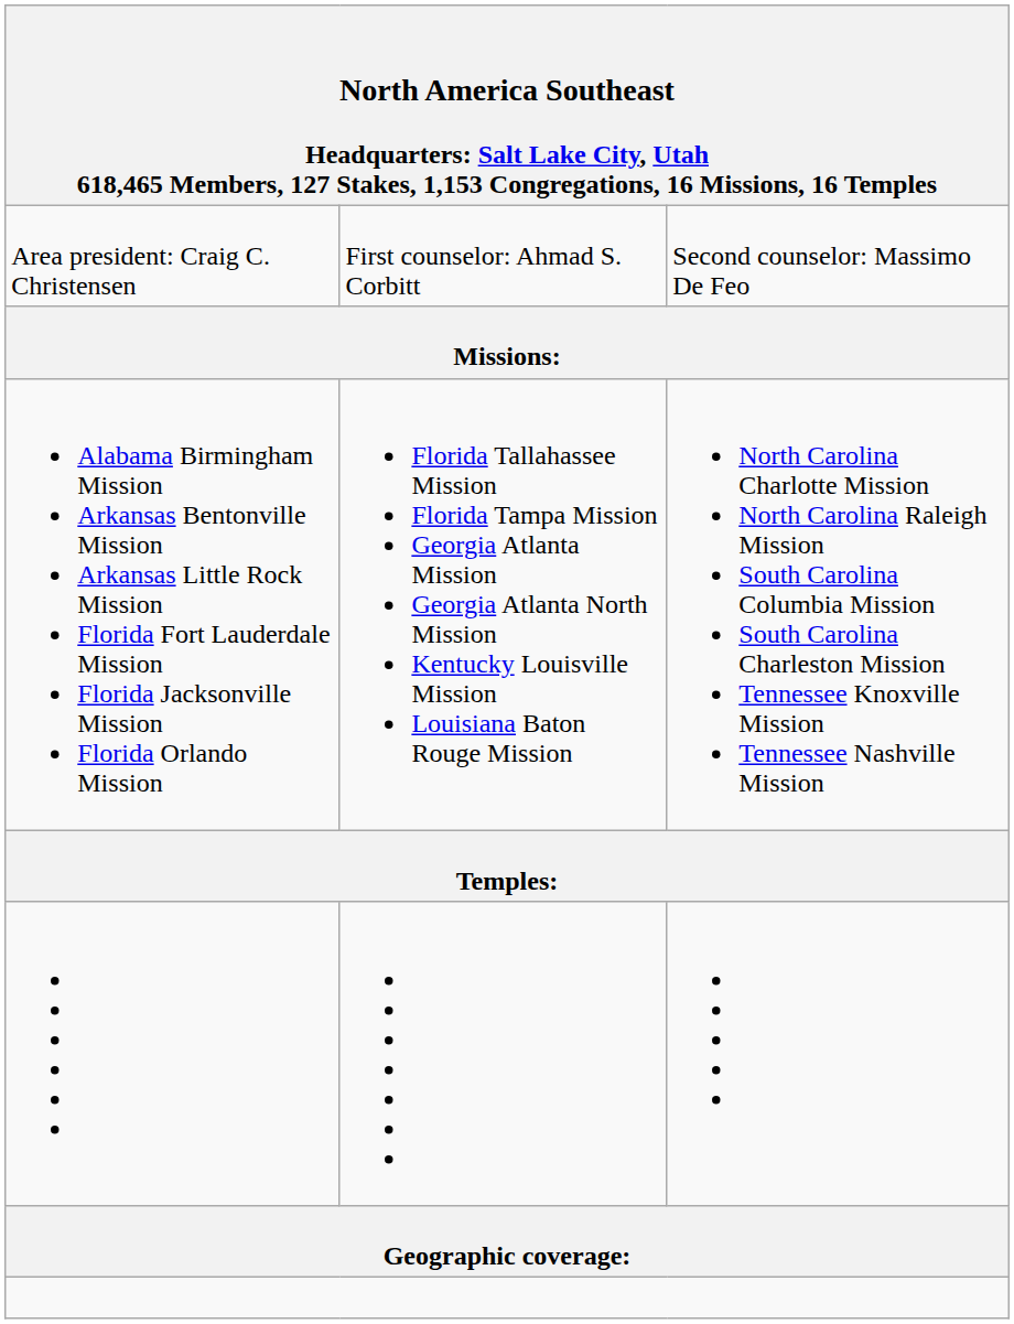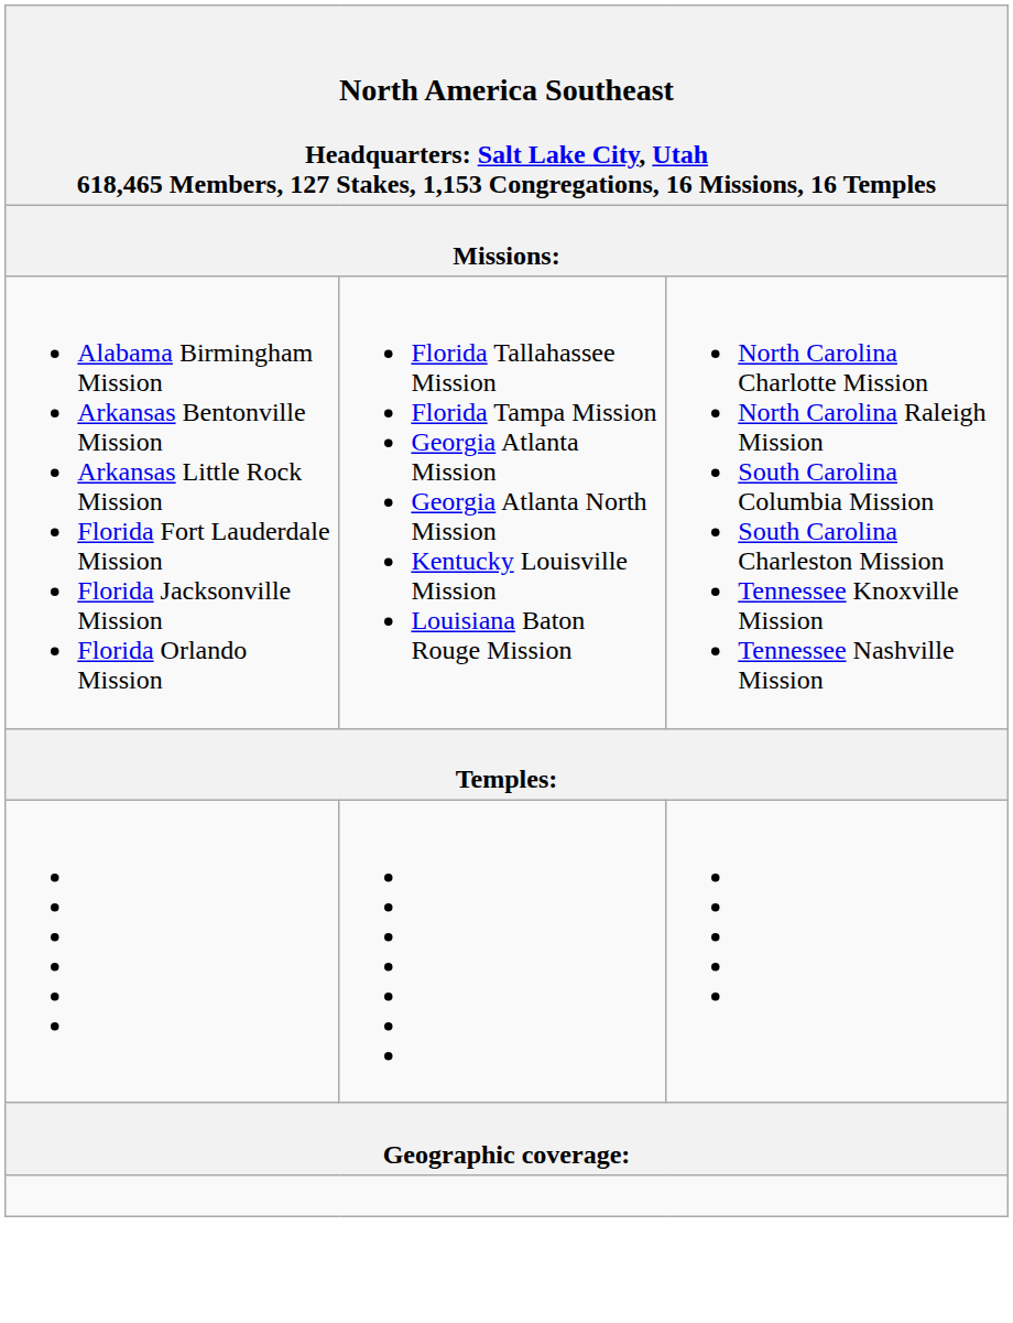 <table class=wikitable>
 <tr>
 <th colspan=3><br><h3>North America Southeast</h3>Headquarters:  <a href='#'>Salt Lake City</a>, <a href='#'>Utah</a><br>618,465 Members, 127 Stakes, 1,153 Congregations, 16 Missions, 16 Temples</th>
-</tr>
-<tr>
-<td style="vertical-align:top"><br>Area president: Craig C. Christensen</td>
-<td style="vertical-align:top"><br>First counselor: Ahmad S. Corbitt</td>
-<td style="vertical-align:top"><br>Second counselor: Massimo De Feo</td>
 </tr>
 <tr>
 <th colspan=3><br>Missions:</th>
 </tr>
 <tr>
 <td style="vertical-align:top"><br><ul><li><a href='#'>Alabama</a> Birmingham Mission</li><li><a href='#'>Arkansas</a> Bentonville Mission</li><li><a href='#'>Arkansas</a> Little Rock Mission</li><li><a href='#'>Florida</a> Fort Lauderdale Mission</li><li><a href='#'>Florida</a> Jacksonville Mission</li><li><a href='#'>Florida</a> Orlando Mission</li></ul></td>
 <td style="vertical-align:top"><br><ul><li><a href='#'>Florida</a> Tallahassee Mission</li><li><a href='#'>Florida</a> Tampa Mission</li><li><a href='#'>Georgia</a> Atlanta Mission</li><li><a href='#'>Georgia</a> Atlanta North Mission</li><li><a href='#'>Kentucky</a> Louisville Mission</li><li><a href='#'>Louisiana</a> Baton Rouge Mission</li></ul></td>
 <td style="vertical-align:top"><br><ul><li><a href='#'>North Carolina</a> Charlotte Mission</li><li><a href='#'>North Carolina</a> Raleigh Mission</li><li><a href='#'>South Carolina</a> Columbia Mission</li><li><a href='#'>South Carolina</a> Charleston Mission</li><li><a href='#'>Tennessee</a> Knoxville Mission</li><li><a href='#'>Tennessee</a> Nashville Mission</li></ul></td>
 </tr>
 <tr>
 <th colspan=3><br>Temples:</th>
 </tr>
 <tr>
 <td style="vertical-align:top"><br><ul><li></li><li></li><li></li><li></li><li></li><li></li></ul></td>
 <td style="vertical-align:top"><br><ul><li></li><li></li><li></li><li></li><li></li><li></li><li></li></ul></td>
 <td style="vertical-align:top"><br><ul><li></li><li></li><li></li><li></li><li></li></ul></td>
 </tr>
 <tr>
 <th colspan=3><br>Geographic coverage:</th>
 </tr>
 <tr>
 <td style="vertical-align:top" colspan=3><br></td>
 </tr>
 </table>
